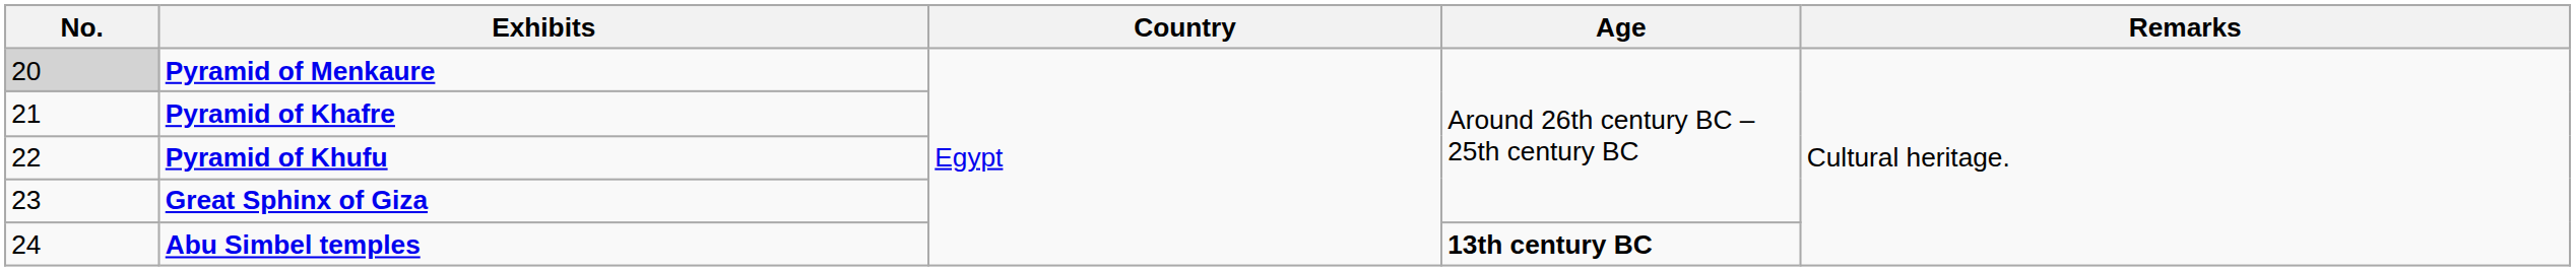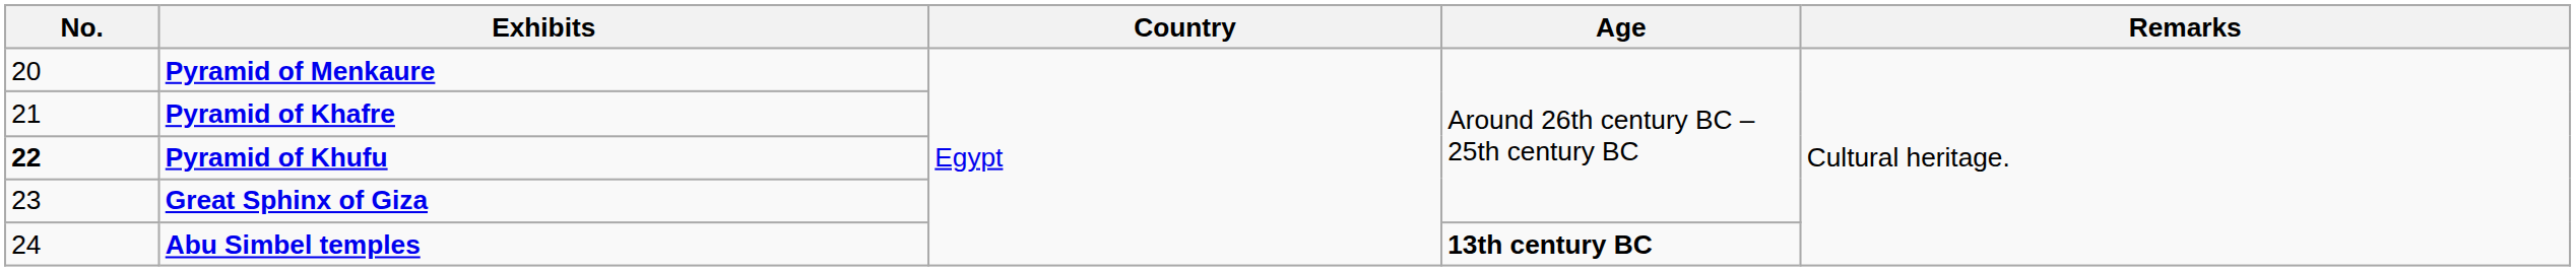 <table class="wikitable" style="text-align:left;font-size:small;">
 <tr>
 <th width=6%>No.</th>
 <th width=30%>Exhibits</th>
 <th width=20%>Country</th>
 <th width=14%>Age</th>
 <th width=32%>Remarks</th>
 </tr>
 <tr>
-<td style="background: lightgrey;">20</td>
+<td>20</td>
 <td><strong><a href='#'>Pyramid of Menkaure</a></strong></td>
 <td rowspan="5"> <a href='#'>Egypt</a></td>
 <td rowspan="4">Around 26th century BC – 25th century BC</td>
 <td rowspan="5">Cultural heritage.</td>
 </tr>
 <tr>
 <td>21</td>
 <td><strong><a href='#'>Pyramid of Khafre</a></strong></td>
 </tr>
 <tr>
-<td>22</td>
+<td><strong>22</strong></td>
 <td><strong><a href='#'>Pyramid of Khufu</a></strong></td>
 </tr>
 <tr>
 <td>23</td>
 <td><strong><a href='#'>Great Sphinx of Giza</a></strong></td>
 </tr>
 <tr>
 <td>24</td>
 <td><strong><a href='#'>Abu Simbel temples</a></strong></td>
 <td><strong>13th century BC</strong></td>
 </tr>
 </table>
